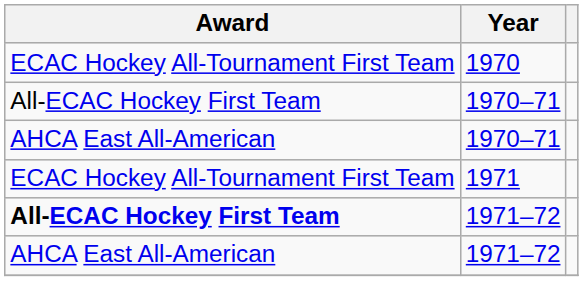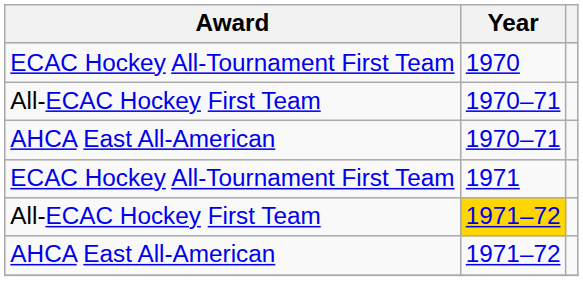 <table class="wikitable">
 <tr>
 <th>Award</th>
 <th>Year</th>
 <th></th>
 </tr>
 <tr>
 <td><a href='#'>ECAC Hockey</a> <a href='#'>All-Tournament First Team</a></td>
 <td><a href='#'>1970</a></td>
 <td></td>
 </tr>
 <tr>
 <td>All-<a href='#'>ECAC Hockey</a> <a href='#'>First Team</a></td>
 <td><a href='#'>1970–71</a></td>
 <td></td>
 </tr>
 <tr>
 <td><a href='#'>AHCA</a> <a href='#'>East All-American</a></td>
 <td><a href='#'>1970–71</a></td>
 <td></td>
 </tr>
 <tr>
 <td><a href='#'>ECAC Hockey</a> <a href='#'>All-Tournament First Team</a></td>
 <td><a href='#'>1971</a></td>
 <td></td>
 </tr>
 <tr>
-<td><strong>All-<a href='#'>ECAC Hockey</a> <a href='#'>First Team</a></strong></td>
-<td><a href='#'>1971–72</a></td>
+<td>All-<a href='#'>ECAC Hockey</a> <a href='#'>First Team</a></td>
+<td style="background: gold;"><a href='#'>1971–72</a></td>
 <td></td>
 </tr>
 <tr>
 <td><a href='#'>AHCA</a> <a href='#'>East All-American</a></td>
 <td><a href='#'>1971–72</a></td>
 <td></td>
 </tr>
 <tr>
 </tr>
 </table>
